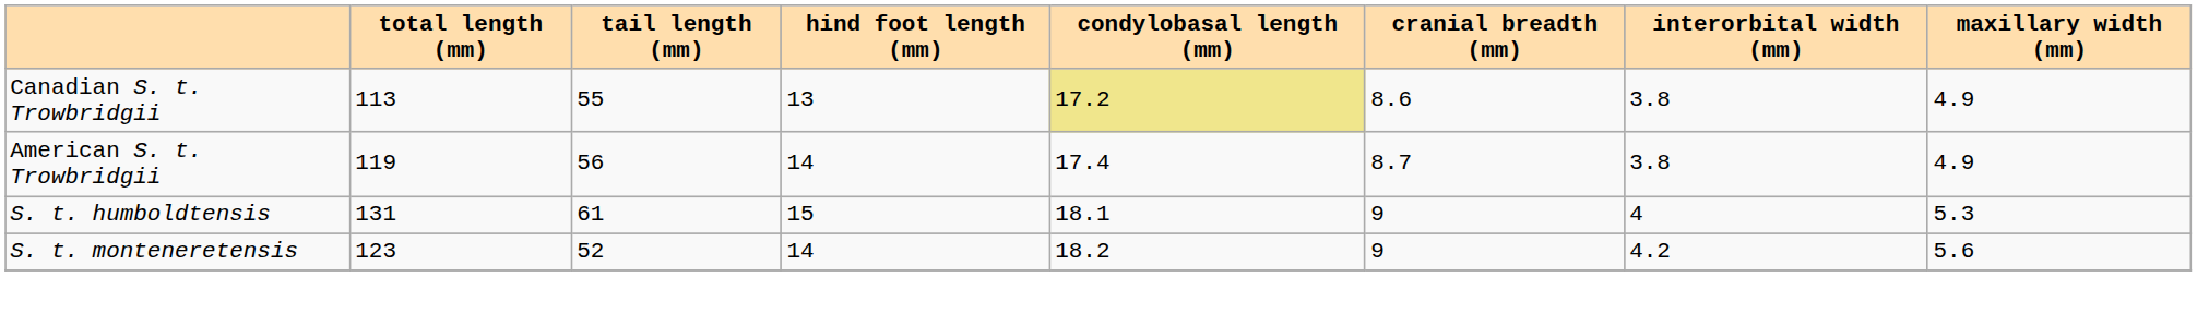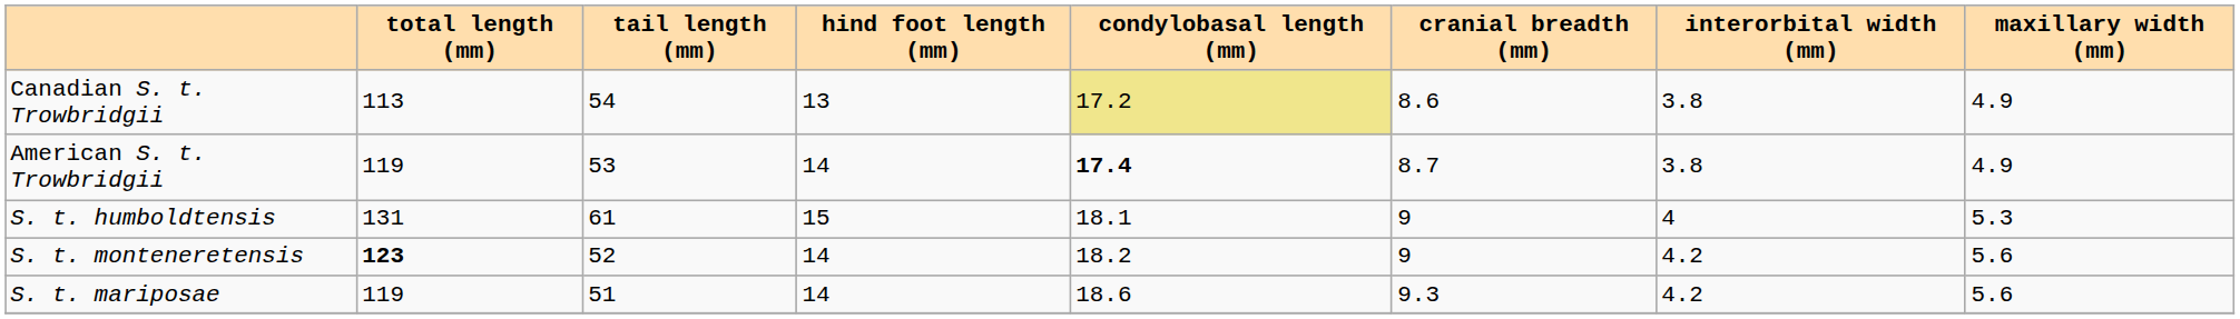 <table class="wikitable" style="align: center; margin-left: 0.5em">
 <tr>
 <th style="background:#ffdead;"></th>
 <th style="background:#ffdead;">total length (mm)</th>
 <th style="background:#ffdead;">tail length (mm)</th>
 <th style="background:#ffdead;">hind foot length (mm)</th>
 <th style="background:#ffdead;">condylobasal length (mm)</th>
 <th style="background:#ffdead;">cranial breadth (mm)</th>
 <th style="background:#ffdead;">interorbital width (mm)</th>
 <th style="background:#ffdead;">maxillary width (mm)</th>
 </tr>
 <tr --->
 <td>Canadian <em>S. t. Trowbridgii</em></td>
 <td>113</td>
-<td>55</td>
+<td>54</td>
 <td>13</td>
 <td style="background: khaki;">17.2</td>
 <td>8.6</td>
 <td>3.8</td>
 <td>4.9</td>
 </tr>
 <tr --->
 <td>American <em>S. t. Trowbridgii</em></td>
 <td>119</td>
-<td>56</td>
+<td>53</td>
 <td>14</td>
-<td>17.4</td>
+<td><strong>17.4</strong></td>
 <td>8.7</td>
 <td>3.8</td>
 <td>4.9</td>
 </tr>
 <tr --->
 <td><em>S. t. humboldtensis</em></td>
 <td>131</td>
 <td>61</td>
 <td>15</td>
 <td>18.1</td>
 <td>9</td>
 <td>4</td>
 <td>5.3</td>
 </tr>
 <tr --->
 <td><em>S. t. monteneretensis</em></td>
-<td>123</td>
+<td><strong>123</strong></td>
 <td>52</td>
 <td>14</td>
 <td>18.2</td>
 <td>9</td>
 <td>4.2</td>
 <td>5.6</td>
 </tr>
 <tr --->
+<td><em>S. t. mariposae</em></td>
+<td>119</td>
+<td>51</td>
+<td>14</td>
+<td>18.6</td>
+<td>9.3</td>
+<td>4.2</td>
+<td>5.6</td>
+</tr>
+<tr --->
 </tr>
 </table>
